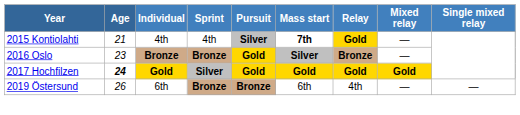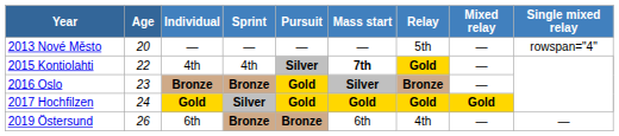 <table class="wikitable" style="font-size:95%; text-align:center; border:grey solid 1px; border-collapse:collapse; background:#ffffff;">
 <tr>
 <th style="background-color:#369; color:white;    width:145px;">Year</th>
 <th style="background-color:#369; color:white;    width:40px;">Age</th>
 <th style="background-color:#4180be; color:white; width:65px;">Individual</th>
 <th style="background-color:#4180be; color:white; width:60px;">Sprint</th>
 <th style="background-color:#4180be; color:white; width:60px;">Pursuit</th>
 <th style="background-color:#4180be; color:white; width:80px;">Mass start</th>
 <th style="background-color:#4180be; color:white; width:60px;">Relay</th>
 <th style="background-color:#4180be; color:white; width:75px;">Mixed relay</th>
 <th style="background-color:#4180be; color:white; width:120px;">Single mixed relay</th>
 </tr>
 <tr>
+<td align=left> <a href='#'>2013 Nové Město</a></td>
+<td><em>20</em></td>
+<td>—</td>
+<td>—</td>
+<td>—</td>
+<td>—</td>
+<td>5th</td>
+<td>—</td>
+<td>rowspan="4" </td>
+</tr>
+<tr>
 <td align=left> <a href='#'>2015 Kontiolahti</a></td>
-<td><em>21</em></td>
+<td><em>22</em></td>
 <td>4th</td>
 <td>4th</td>
 <td style="background:silver;"><strong>Silver</strong></td>
 <td><strong>7th</strong></td>
 <td style="background:gold;"><strong>Gold</strong></td>
 <td>—</td>
 </tr>
 <tr>
 <td align=left> <a href='#'>2016 Oslo</a></td>
 <td><em>23</em></td>
 <td style="background:#cfaa88;"><strong>Bronze</strong></td>
 <td style="background:#cfaa88;"><strong>Bronze</strong></td>
 <td style="background:gold;"><strong>Gold</strong></td>
 <td style="background:silver;"><strong>Silver</strong></td>
 <td style="background:#cfaa88;"><strong>Bronze</strong></td>
 <td>—</td>
 </tr>
 <tr>
 <td align=left> <a href='#'>2017 Hochfilzen</a></td>
-<td><strong><em>24</em></strong></td>
+<td><em>24</em></td>
 <td style="background:gold;"><strong>Gold</strong></td>
 <td style="background:silver;"><strong>Silver</strong></td>
 <td style="background:gold;"><strong>Gold</strong></td>
 <td style="background:gold;"><strong>Gold</strong></td>
 <td style="background:gold;"><strong>Gold</strong></td>
 <td style="background:gold;"><strong>Gold</strong></td>
 </tr>
 <tr>
 <td align=left> <a href='#'>2019 Östersund</a></td>
 <td><em>26</em></td>
 <td>6th</td>
 <td style="background:#cfaa88;"><strong>Bronze</strong></td>
 <td style="background:#cfaa88;"><strong>Bronze</strong></td>
 <td>6th</td>
 <td>4th</td>
 <td>—</td>
 <td>—</td>
 </tr>
 </table>
